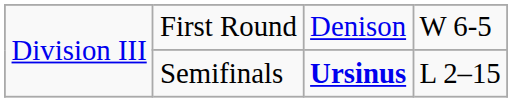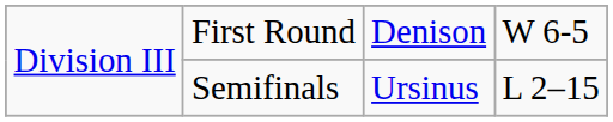 <table class="wikitable">
 <tr>
 <td rowspan="2"><a href='#'>Division III</a></td>
 <td>First Round</td>
 <td><a href='#'>Denison</a></td>
 <td>W 6-5</td>
 </tr>
 <tr>
 <td>Semifinals</td>
-<td><strong><a href='#'>Ursinus</a></strong></td>
+<td><a href='#'>Ursinus</a></td>
 <td>L 2–15</td>
 </tr>
 </table>
